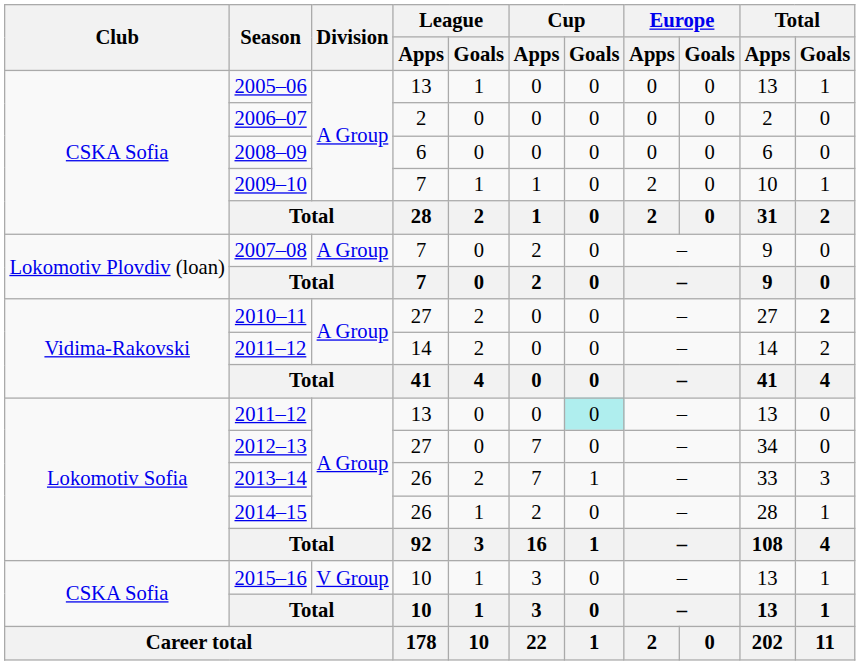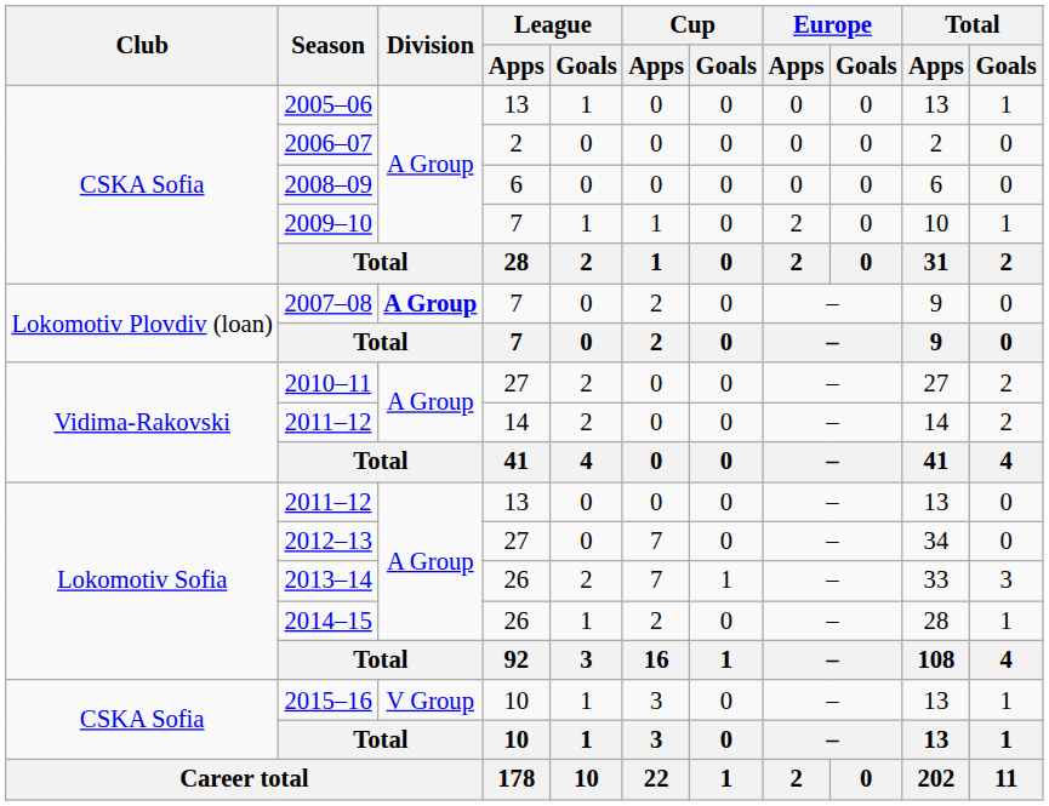 <table class="wikitable" style="text-align:center">
 <tr>
 <th rowspan="2">Club</th>
 <th rowspan="2">Season</th>
 <th rowspan="2">Division</th>
 <th colspan="2">League</th>
 <th colspan="2">Cup</th>
 <th colspan="2"><a href='#'>Europe</a></th>
 <th colspan="2">Total</th>
 </tr>
 <tr>
 <th>Apps</th>
 <th>Goals</th>
 <th>Apps</th>
 <th>Goals</th>
 <th>Apps</th>
 <th>Goals</th>
 <th>Apps</th>
 <th>Goals</th>
 </tr>
 <tr>
 <td rowspan="5"><a href='#'>CSKA Sofia</a></td>
 <td><a href='#'>2005–06</a></td>
 <td rowspan="4"><a href='#'>A Group</a></td>
 <td>13</td>
 <td>1</td>
 <td>0</td>
 <td>0</td>
 <td>0</td>
 <td>0</td>
 <td>13</td>
 <td>1</td>
 </tr>
 <tr>
 <td><a href='#'>2006–07</a></td>
 <td>2</td>
 <td>0</td>
 <td>0</td>
 <td>0</td>
 <td>0</td>
 <td>0</td>
 <td>2</td>
 <td>0</td>
 </tr>
 <tr>
 <td><a href='#'>2008–09</a></td>
 <td>6</td>
 <td>0</td>
 <td>0</td>
 <td>0</td>
 <td>0</td>
 <td>0</td>
 <td>6</td>
 <td>0</td>
 </tr>
 <tr>
 <td><a href='#'>2009–10</a></td>
 <td>7</td>
 <td>1</td>
 <td>1</td>
 <td>0</td>
 <td>2</td>
 <td>0</td>
 <td>10</td>
 <td>1</td>
 </tr>
 <tr>
 <th colspan="2">Total</th>
 <th>28</th>
 <th>2</th>
 <th>1</th>
 <th>0</th>
 <th>2</th>
 <th>0</th>
 <th>31</th>
 <th>2</th>
 </tr>
 <tr>
 <td rowspan="2"><a href='#'>Lokomotiv Plovdiv</a> (loan)</td>
 <td><a href='#'>2007–08</a></td>
-<td><a href='#'>A Group</a></td>
+<td><strong><a href='#'>A Group</a></strong></td>
 <td>7</td>
 <td>0</td>
 <td>2</td>
 <td>0</td>
 <td colspan="2">–</td>
 <td>9</td>
 <td>0</td>
 </tr>
 <tr>
 <th colspan="2">Total</th>
 <th>7</th>
 <th>0</th>
 <th>2</th>
 <th>0</th>
 <th colspan="2">–</th>
 <th>9</th>
 <th>0</th>
 </tr>
 <tr>
 <td rowspan="3"><a href='#'>Vidima-Rakovski</a></td>
 <td><a href='#'>2010–11</a></td>
 <td rowspan="2"><a href='#'>A Group</a></td>
 <td>27</td>
 <td>2</td>
 <td>0</td>
 <td>0</td>
 <td colspan="2">–</td>
 <td>27</td>
-<td><strong>2</strong></td>
+<td>2</td>
 </tr>
 <tr>
 <td><a href='#'>2011–12</a></td>
 <td>14</td>
 <td>2</td>
 <td>0</td>
 <td>0</td>
 <td colspan="2">–</td>
 <td>14</td>
 <td>2</td>
 </tr>
 <tr>
 <th colspan="2">Total</th>
 <th>41</th>
 <th>4</th>
 <th>0</th>
 <th>0</th>
 <th colspan="2">–</th>
 <th>41</th>
 <th>4</th>
 </tr>
 <tr>
 <td rowspan="5"><a href='#'>Lokomotiv Sofia</a></td>
 <td><a href='#'>2011–12</a></td>
 <td rowspan="4"><a href='#'>A Group</a></td>
 <td>13</td>
 <td>0</td>
 <td>0</td>
-<td style="background: paleturquoise;">0</td>
+<td>0</td>
 <td colspan="2">–</td>
 <td>13</td>
 <td>0</td>
 </tr>
 <tr>
 <td><a href='#'>2012–13</a></td>
 <td>27</td>
 <td>0</td>
 <td>7</td>
 <td>0</td>
 <td colspan="2">–</td>
 <td>34</td>
 <td>0</td>
 </tr>
 <tr>
 <td><a href='#'>2013–14</a></td>
 <td>26</td>
 <td>2</td>
 <td>7</td>
 <td>1</td>
 <td colspan="2">–</td>
 <td>33</td>
 <td>3</td>
 </tr>
 <tr>
 <td><a href='#'>2014–15</a></td>
 <td>26</td>
 <td>1</td>
 <td>2</td>
 <td>0</td>
 <td colspan="2">–</td>
 <td>28</td>
 <td>1</td>
 </tr>
 <tr>
 <th colspan="2">Total</th>
 <th>92</th>
 <th>3</th>
 <th>16</th>
 <th>1</th>
 <th colspan="2">–</th>
 <th>108</th>
 <th>4</th>
 </tr>
 <tr>
 <td rowspan="2"><a href='#'>CSKA Sofia</a></td>
 <td><a href='#'>2015–16</a></td>
 <td><a href='#'>V Group</a></td>
 <td>10</td>
 <td>1</td>
 <td>3</td>
 <td>0</td>
 <td colspan="2">–</td>
 <td>13</td>
 <td>1</td>
 </tr>
 <tr>
 <th colspan="2">Total</th>
 <th>10</th>
 <th>1</th>
 <th>3</th>
 <th>0</th>
 <th colspan="2">–</th>
 <th>13</th>
 <th>1</th>
 </tr>
 <tr>
 <th colspan="3">Career total</th>
 <th>178</th>
 <th>10</th>
 <th>22</th>
 <th>1</th>
 <th>2</th>
 <th>0</th>
 <th>202</th>
 <th>11</th>
 </tr>
 </table>
